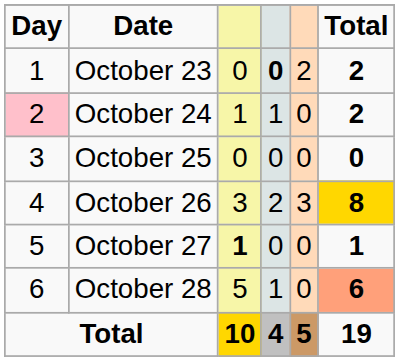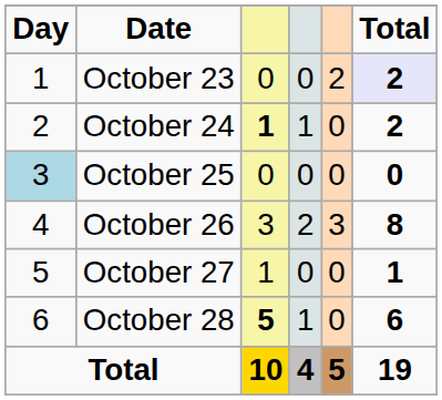 <table class=wikitable style="font-size:100%; text-align:center">
 <tr>
 </tr>
 <tr>
 <td><strong>Day</strong></td>
 <td><strong>Date</strong></td>
 <td bgcolor=F7F6A8></td>
 <td bgcolor=DCE5E5></td>
 <td bgcolor=FFDAB9></td>
 <td><strong>Total</strong></td>
 </tr>
 <tr>
 <td>1</td>
 <td>October 23</td>
 <td bgcolor=F7F6A8>0</td>
-<td bgcolor=DCE5E5><strong>0</strong></td>
+<td bgcolor=DCE5E5>0</td>
 <td bgcolor=FFDAB9>2</td>
-<td><strong>2</strong></td>
+<td style="background: lavender;"><strong>2</strong></td>
 </tr>
 <tr>
-<td style="background: pink;">2</td>
+<td>2</td>
 <td>October 24</td>
-<td bgcolor=F7F6A8>1</td>
+<td bgcolor=F7F6A8><strong>1</strong></td>
 <td bgcolor=DCE5E5>1</td>
 <td bgcolor=FFDAB9>0</td>
 <td><strong>2</strong></td>
 </tr>
 <tr>
-<td>3</td>
+<td style="background: lightblue;">3</td>
 <td>October 25</td>
 <td bgcolor=F7F6A8>0</td>
 <td bgcolor=DCE5E5>0</td>
 <td bgcolor=FFDAB9>0</td>
 <td><strong>0</strong></td>
 </tr>
 <tr>
 <td>4</td>
 <td>October 26</td>
 <td bgcolor=F7F6A8>3</td>
 <td bgcolor=DCE5E5>2</td>
 <td bgcolor=FFDAB9>3</td>
-<td style="background: gold;"><strong>8</strong></td>
+<td><strong>8</strong></td>
 </tr>
 <tr>
 <td>5</td>
 <td>October 27</td>
-<td bgcolor=F7F6A8><strong>1</strong></td>
+<td bgcolor=F7F6A8>1</td>
 <td bgcolor=DCE5E5>0</td>
 <td bgcolor=FFDAB9>0</td>
 <td><strong>1</strong></td>
 </tr>
 <tr>
 <td>6</td>
 <td>October 28</td>
-<td bgcolor=F7F6A8>5</td>
+<td bgcolor=F7F6A8><strong>5</strong></td>
 <td bgcolor=DCE5E5>1</td>
 <td bgcolor=FFDAB9>0</td>
-<td style="background: lightsalmon;"><strong>6</strong></td>
+<td><strong>6</strong></td>
 </tr>
 <tr>
 <td colspan=2><strong>Total</strong></td>
 <td style="background:gold;"><strong>10</strong></td>
 <td style="background:silver;"><strong>4</strong></td>
 <td style="background:#c96;"><strong>5</strong></td>
 <td><strong>19</strong></td>
 </tr>
 </table>
